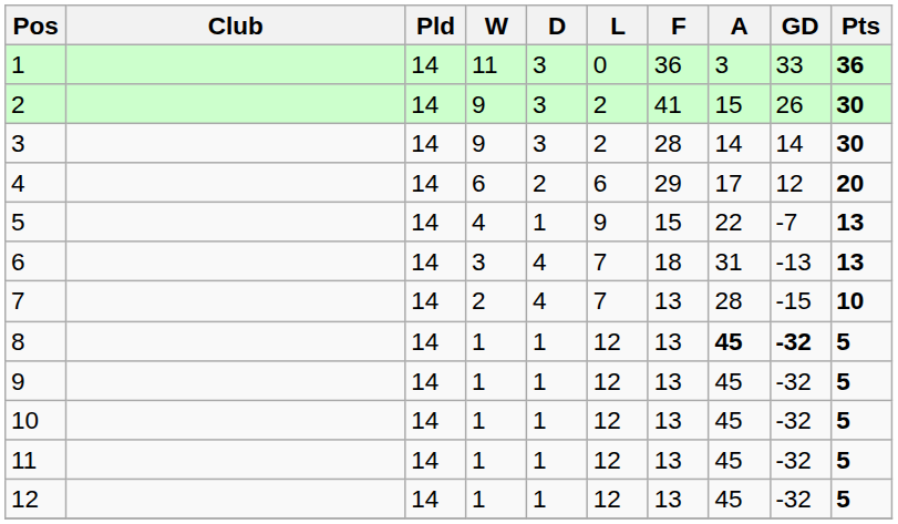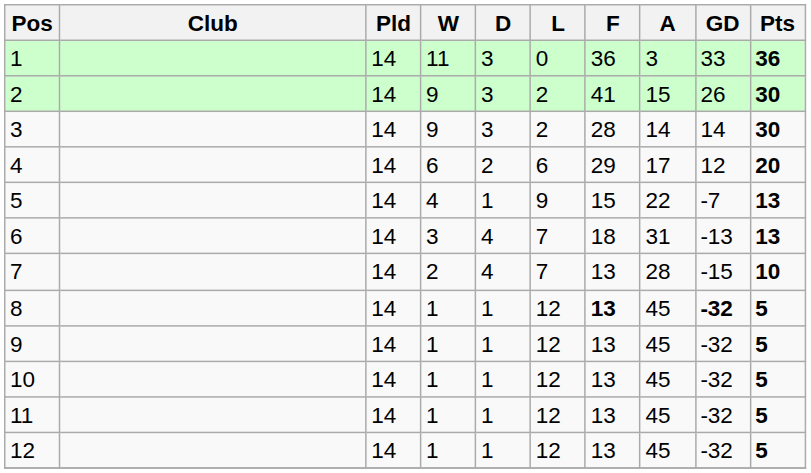 <table class="wikitable" style="font-size:95%;">
 <tr>
 <th width=30>Pos</th>
 <th width=200>Club</th>
 <th width=30>Pld</th>
 <th width=30>W</th>
 <th width=30>D</th>
 <th width=30>L</th>
 <th width=30>F</th>
 <th width=30>A</th>
 <th width=30>GD</th>
 <th width=30>Pts</th>
 </tr>
 <tr bgcolor=#CCFFCC>
 <td>1</td>
 <td style="text-align:left;"></td>
 <td>14</td>
 <td>11</td>
 <td>3</td>
 <td>0</td>
 <td>36</td>
 <td>3</td>
 <td>33</td>
 <td><strong>36</strong></td>
 </tr>
 <tr bgcolor=#CCFFCC>
 <td>2</td>
 <td style="text-align:left;"></td>
 <td>14</td>
 <td>9</td>
 <td>3</td>
 <td>2</td>
 <td>41</td>
 <td>15</td>
 <td>26</td>
 <td><strong>30</strong></td>
 </tr>
 <tr>
 <td>3</td>
 <td style="text-align:left;"></td>
 <td>14</td>
 <td>9</td>
 <td>3</td>
 <td>2</td>
 <td>28</td>
 <td>14</td>
 <td>14</td>
 <td><strong>30</strong></td>
 </tr>
 <tr>
 <td>4</td>
 <td style="text-align:left;"></td>
 <td>14</td>
 <td>6</td>
 <td>2</td>
 <td>6</td>
 <td>29</td>
 <td>17</td>
 <td>12</td>
 <td><strong>20</strong></td>
 </tr>
 <tr>
 <td>5</td>
 <td style="text-align:left;"></td>
 <td>14</td>
 <td>4</td>
 <td>1</td>
 <td>9</td>
 <td>15</td>
 <td>22</td>
 <td>-7</td>
 <td><strong>13</strong></td>
 </tr>
 <tr>
 <td>6</td>
 <td style="text-align:left;"></td>
 <td>14</td>
 <td>3</td>
 <td>4</td>
 <td>7</td>
 <td>18</td>
 <td>31</td>
 <td>-13</td>
 <td><strong>13</strong></td>
 </tr>
 <tr>
 <td>7</td>
 <td style="text-align:left;"></td>
 <td>14</td>
 <td>2</td>
 <td>4</td>
 <td>7</td>
 <td>13</td>
 <td>28</td>
 <td>-15</td>
 <td><strong>10</strong></td>
 </tr>
 <tr>
 <td>8</td>
 <td style="text-align:left;"></td>
 <td>14</td>
 <td>1</td>
 <td>1</td>
 <td>12</td>
-<td>13</td>
-<td><strong>45</strong></td>
+<td><strong>13</strong></td>
+<td>45</td>
 <td><strong>-32</strong></td>
 <td><strong>5</strong></td>
 </tr>
 <tr>
 <td>9</td>
 <td style="text-align:left;"></td>
 <td>14</td>
 <td>1</td>
 <td>1</td>
 <td>12</td>
 <td>13</td>
 <td>45</td>
 <td>-32</td>
 <td><strong>5</strong></td>
 </tr>
 <tr>
 <td>10</td>
 <td style="text-align:left;"></td>
 <td>14</td>
 <td>1</td>
 <td>1</td>
 <td>12</td>
 <td>13</td>
 <td>45</td>
 <td>-32</td>
 <td><strong>5</strong></td>
 </tr>
 <tr>
 <td>11</td>
 <td style="text-align:left;"></td>
 <td>14</td>
 <td>1</td>
 <td>1</td>
 <td>12</td>
 <td>13</td>
 <td>45</td>
 <td>-32</td>
 <td><strong>5</strong></td>
 </tr>
 <tr>
 <td>12</td>
 <td style="text-align:left;"></td>
 <td>14</td>
 <td>1</td>
 <td>1</td>
 <td>12</td>
 <td>13</td>
 <td>45</td>
 <td>-32</td>
 <td><strong>5</strong></td>
 </tr>
 <tr>
 </tr>
 </table>
